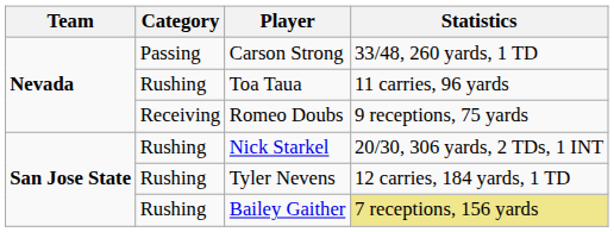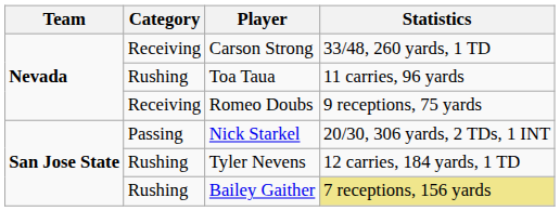 <table class="wikitable" style="float: left;">
 <tr>
 <th>Team</th>
 <th>Category</th>
 <th>Player</th>
 <th>Statistics</th>
 </tr>
 <tr>
 <td rowspan=3><strong>Nevada</strong></td>
-<td>Passing</td>
+<td>Receiving</td>
 <td>Carson Strong</td>
 <td>33/48, 260 yards, 1 TD</td>
 </tr>
 <tr>
 <td>Rushing</td>
 <td>Toa Taua</td>
 <td>11 carries, 96 yards</td>
 </tr>
 <tr>
 <td>Receiving</td>
 <td>Romeo Doubs</td>
 <td>9 receptions, 75 yards</td>
 </tr>
 <tr>
 <td rowspan=3><strong>San Jose State</strong></td>
-<td>Rushing</td>
+<td>Passing</td>
 <td><a href='#'>Nick Starkel</a></td>
 <td>20/30, 306 yards, 2 TDs, 1 INT</td>
 </tr>
 <tr>
 <td>Rushing</td>
 <td>Tyler Nevens</td>
 <td>12 carries, 184 yards, 1 TD</td>
 </tr>
 <tr>
 <td>Rushing</td>
 <td><a href='#'>Bailey Gaither</a></td>
 <td style="background: khaki;">7 receptions, 156 yards</td>
 </tr>
 </table>
